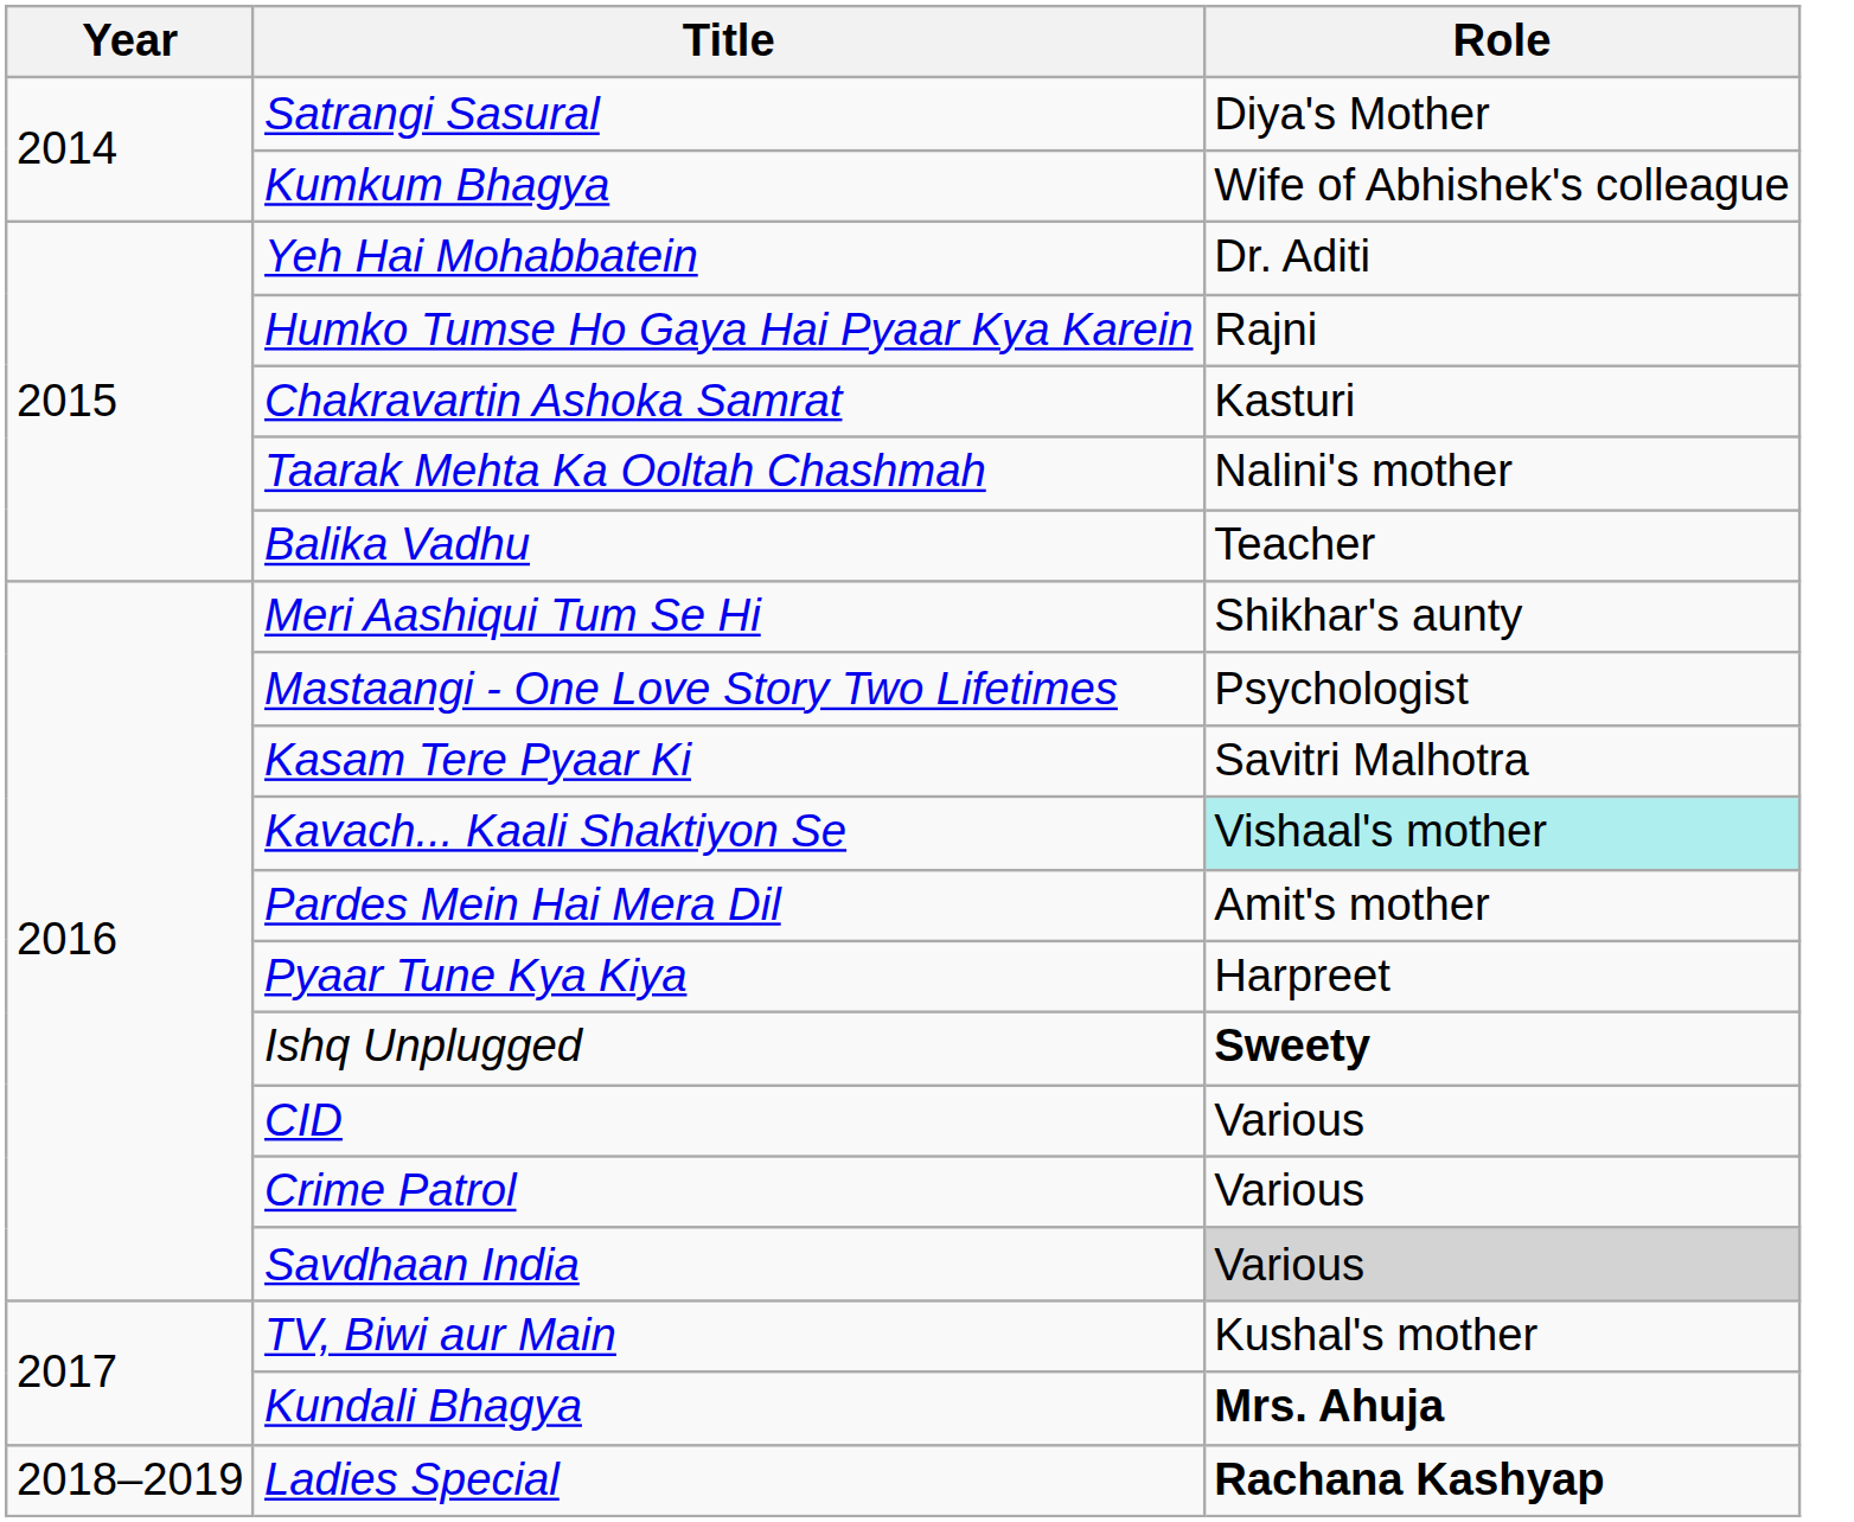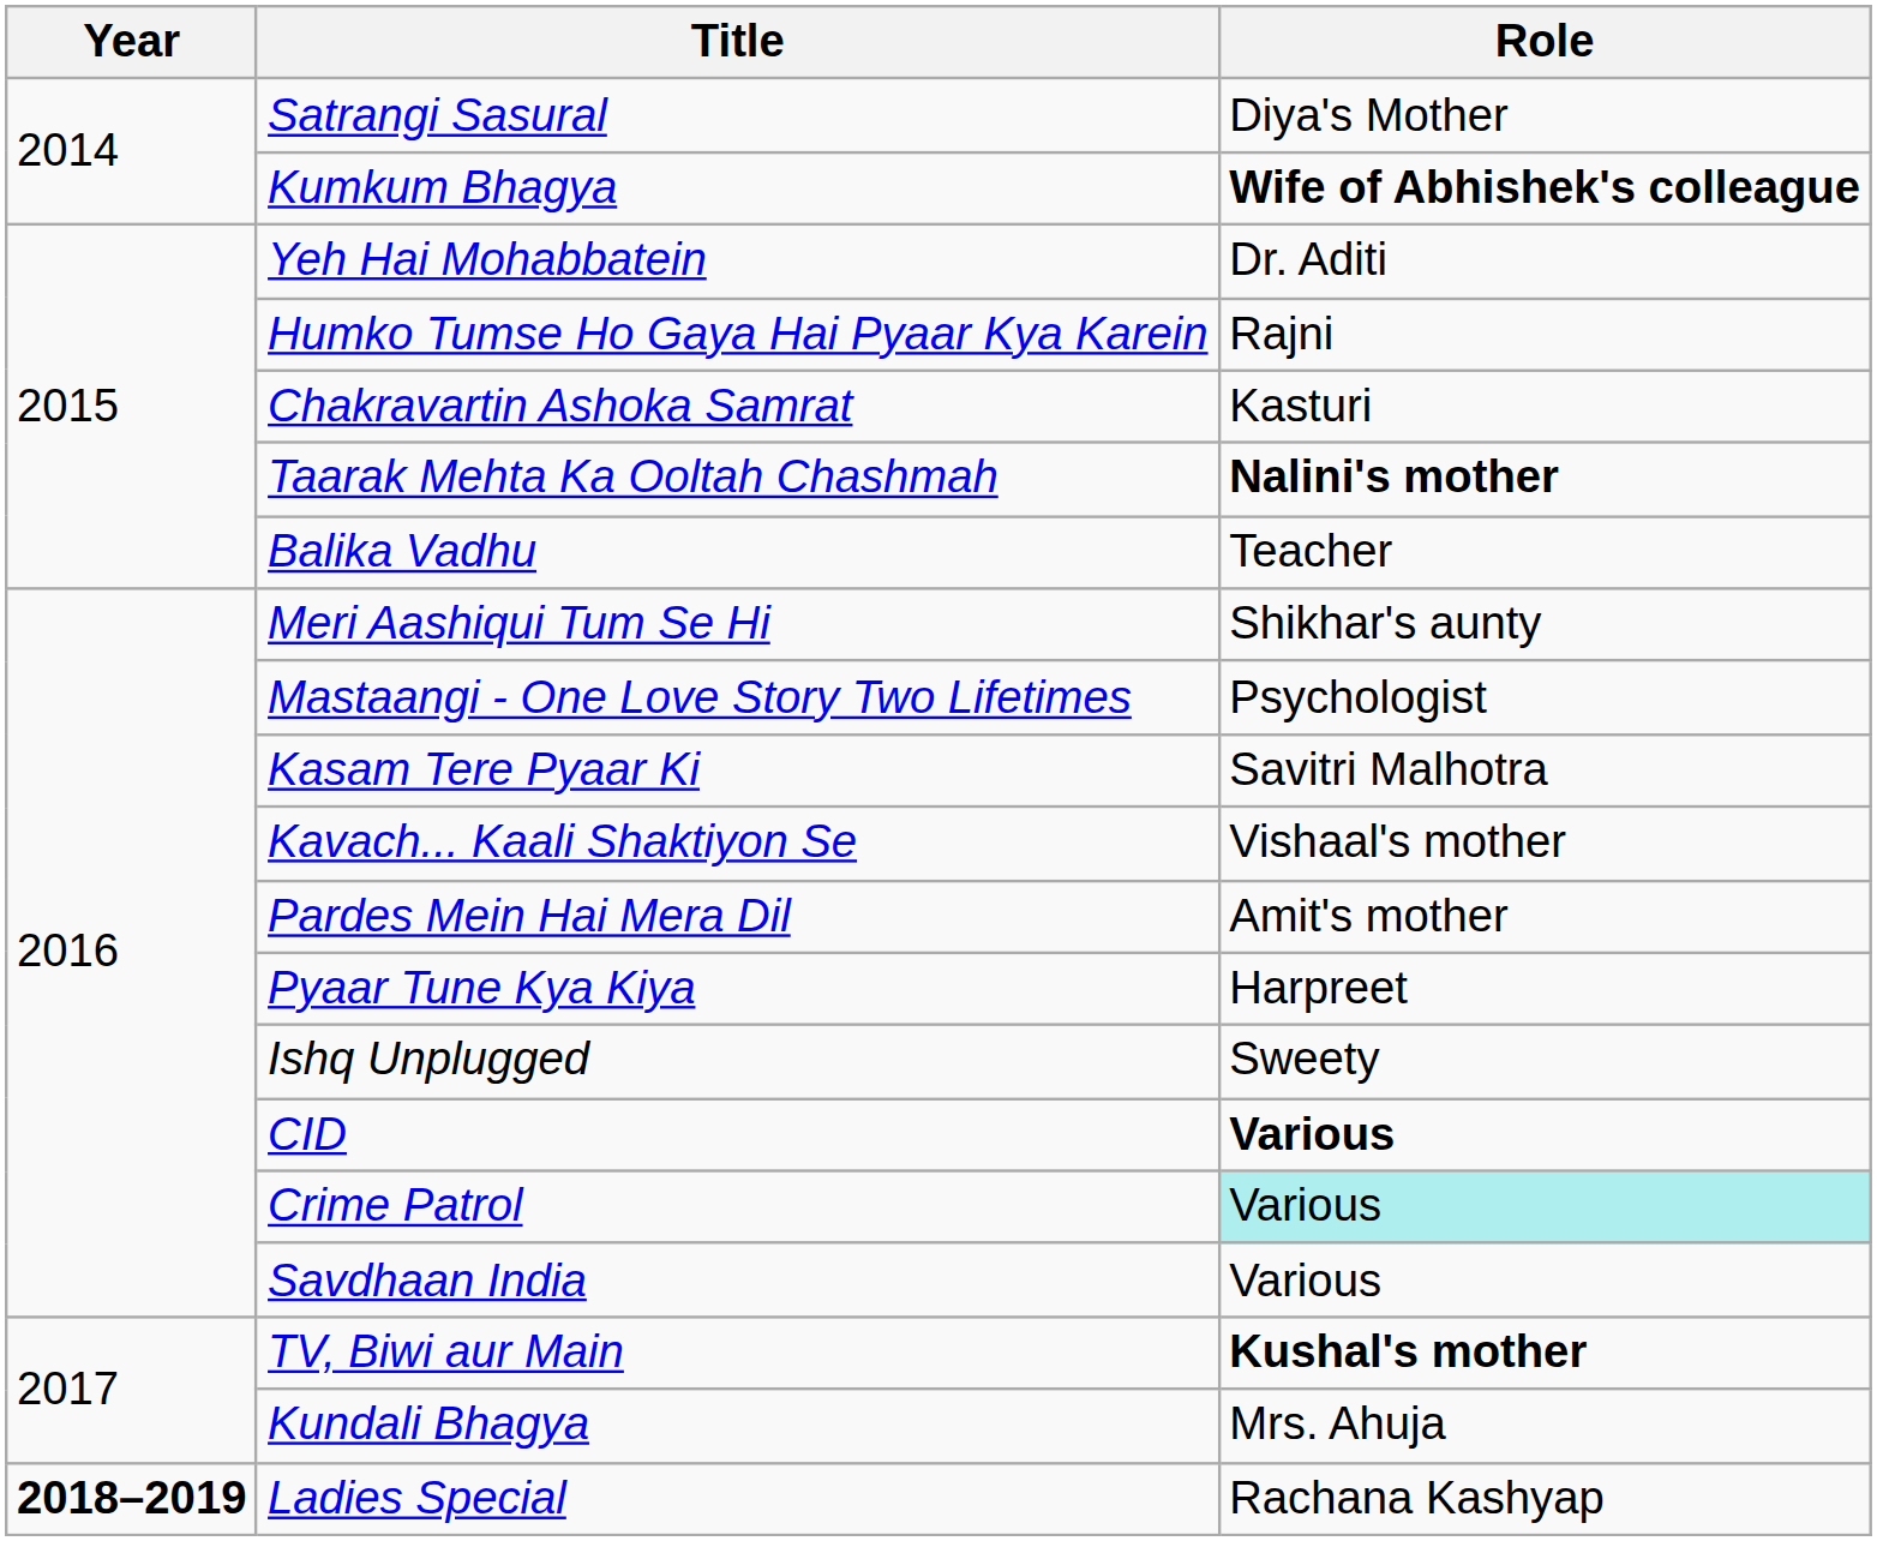 <table class="wikitable sortable">
 <tr>
 <th>Year</th>
 <th>Title</th>
 <th>Role</th>
 </tr>
 <tr>
 <td rowspan="2">2014</td>
 <td><em><a href='#'>Satrangi Sasural</a></em></td>
 <td>Diya's Mother</td>
 </tr>
 <tr>
 <td><em><a href='#'>Kumkum Bhagya</a></em></td>
-<td>Wife of Abhishek's colleague</td>
+<td><strong>Wife of Abhishek's colleague</strong></td>
 </tr>
 <tr>
 <td rowspan="5">2015</td>
 <td><em><a href='#'>Yeh Hai Mohabbatein</a></em></td>
 <td>Dr. Aditi</td>
 </tr>
 <tr>
 <td><em><a href='#'>Humko Tumse Ho Gaya Hai Pyaar Kya Karein</a></em></td>
 <td>Rajni</td>
 </tr>
 <tr>
 <td><em><a href='#'>Chakravartin Ashoka Samrat</a></em></td>
 <td>Kasturi</td>
 </tr>
 <tr>
 <td><em><a href='#'>Taarak Mehta Ka Ooltah Chashmah</a></em></td>
-<td>Nalini's mother</td>
+<td><strong>Nalini's mother</strong></td>
 </tr>
 <tr>
 <td><em><a href='#'>Balika Vadhu</a></em></td>
 <td>Teacher</td>
 </tr>
 <tr>
 <td rowspan="10">2016</td>
 <td><em><a href='#'>Meri Aashiqui Tum Se Hi</a></em></td>
 <td>Shikhar's aunty</td>
 </tr>
 <tr>
 <td><em><a href='#'>Mastaangi - One Love Story Two Lifetimes</a></em></td>
 <td>Psychologist</td>
 </tr>
 <tr>
 <td><em><a href='#'>Kasam Tere Pyaar Ki</a></em></td>
 <td>Savitri Malhotra</td>
 </tr>
 <tr>
 <td><em><a href='#'>Kavach... Kaali Shaktiyon Se</a></em></td>
-<td style="background: paleturquoise;">Vishaal's mother</td>
+<td>Vishaal's mother</td>
 </tr>
 <tr>
 <td><em><a href='#'>Pardes Mein Hai Mera Dil</a></em></td>
 <td>Amit's mother</td>
 </tr>
 <tr>
 <td><em><a href='#'>Pyaar Tune Kya Kiya</a></em></td>
 <td>Harpreet</td>
 </tr>
 <tr>
 <td><em>Ishq Unplugged</em></td>
-<td><strong>Sweety</strong></td>
+<td>Sweety</td>
 </tr>
 <tr>
 <td><em><a href='#'>CID</a></em></td>
-<td>Various</td>
+<td><strong>Various</strong></td>
 </tr>
 <tr>
 <td><em><a href='#'>Crime Patrol</a></em></td>
-<td>Various</td>
+<td style="background: paleturquoise;">Various</td>
 </tr>
 <tr>
 <td><em><a href='#'>Savdhaan India</a></em></td>
-<td style="background: lightgrey;">Various</td>
+<td>Various</td>
 </tr>
 <tr>
 <td rowspan="2">2017</td>
 <td><em><a href='#'>TV, Biwi aur Main</a></em></td>
-<td>Kushal's mother</td>
+<td><strong>Kushal's mother</strong></td>
 </tr>
 <tr>
 <td><em><a href='#'>Kundali Bhagya</a></em></td>
-<td><strong>Mrs. Ahuja</strong></td>
+<td>Mrs. Ahuja</td>
 </tr>
 <tr>
-<td>2018–2019</td>
+<td><strong>2018–2019</strong></td>
 <td><em><a href='#'>Ladies Special</a></em></td>
-<td><strong>Rachana Kashyap</strong></td>
+<td>Rachana Kashyap</td>
 </tr>
 </table>
